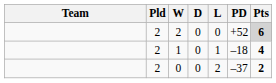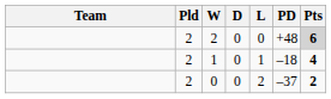 <table class="wikitable" style="text-align:center;">
 <tr>
 <th width="190">Team</th>
 <th width="20" abbr="Played">Pld</th>
 <th width="20" abbr="Won">W</th>
 <th width="20" abbr="Drawn">D</th>
 <th width="20" abbr="Lost">L</th>
 <th width="25" abbr="Points difference">PD</th>
 <th width="20" abbr="Points">Pts</th>
 </tr>
 <tr>
 <td align="left"></td>
 <td>2</td>
 <td>2</td>
 <td>0</td>
 <td>0</td>
-<td>+52</td>
+<td>+48</td>
 <td style="background: lightgrey;"><strong>6</strong></td>
 </tr>
 <tr>
 <td align="left"></td>
 <td>2</td>
 <td>1</td>
 <td>0</td>
 <td>1</td>
 <td>–18</td>
 <td><strong>4</strong></td>
 </tr>
 <tr>
 <td align="left"></td>
 <td>2</td>
 <td>0</td>
 <td>0</td>
 <td>2</td>
 <td>–37</td>
 <td><strong>2</strong></td>
 </tr>
 </table>
